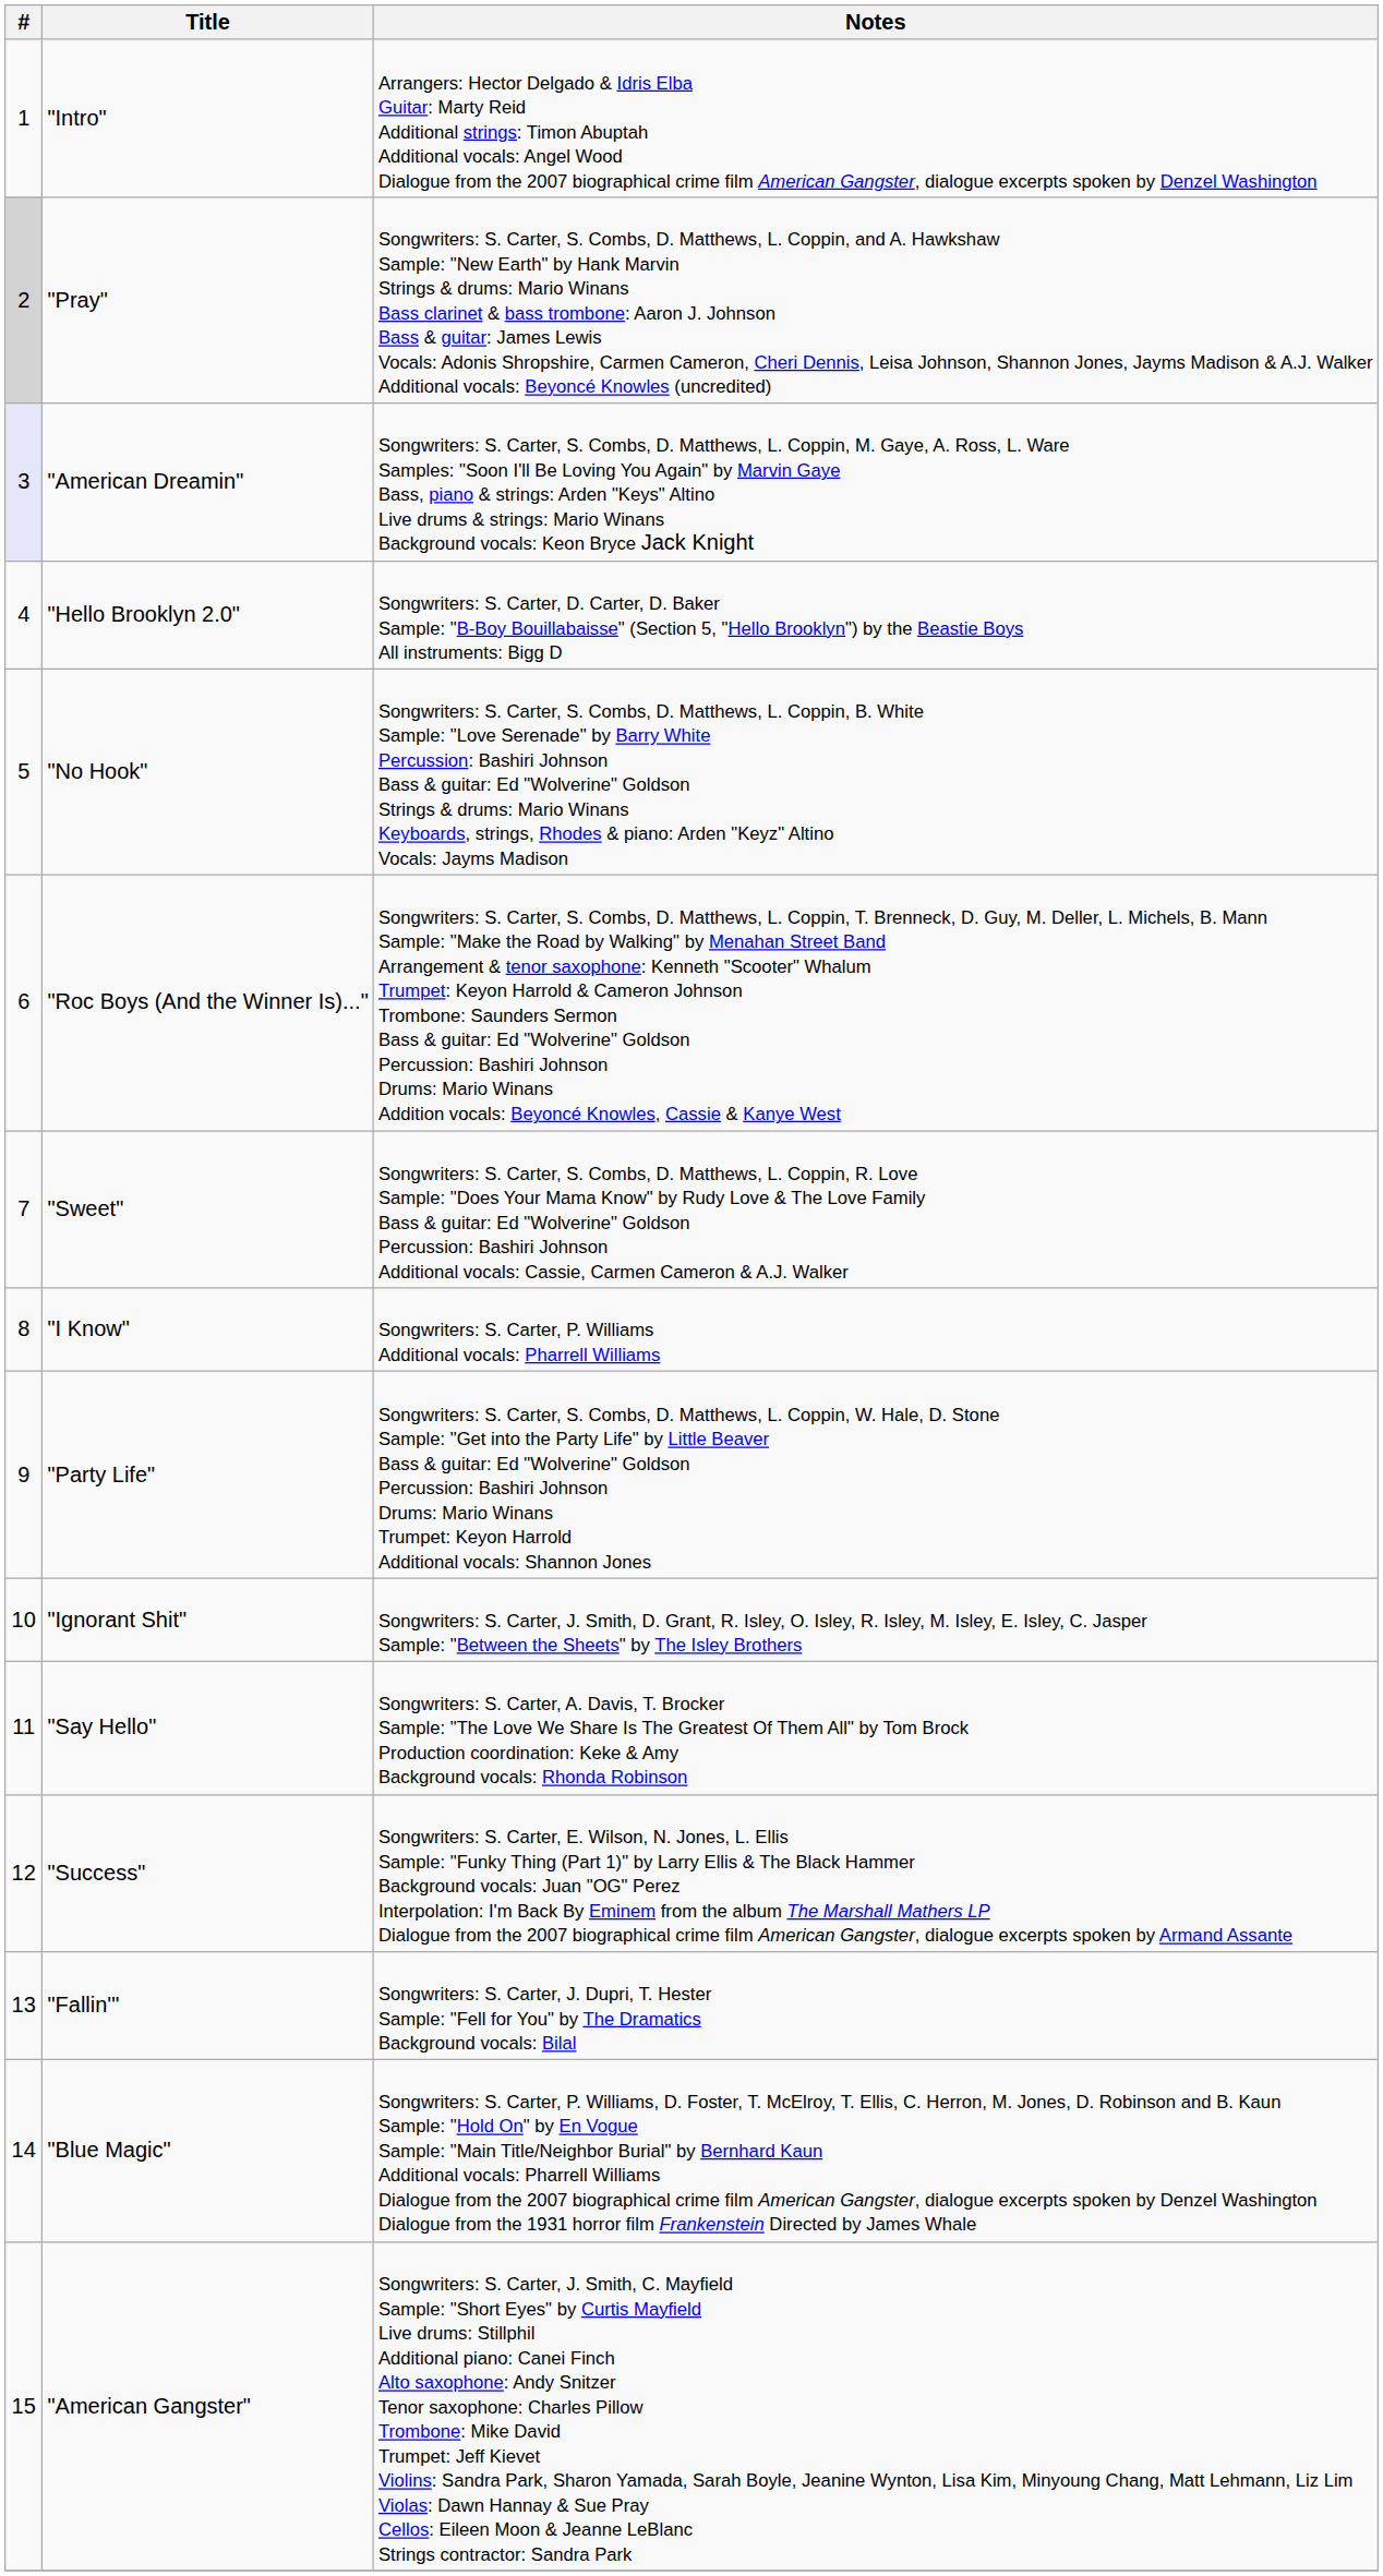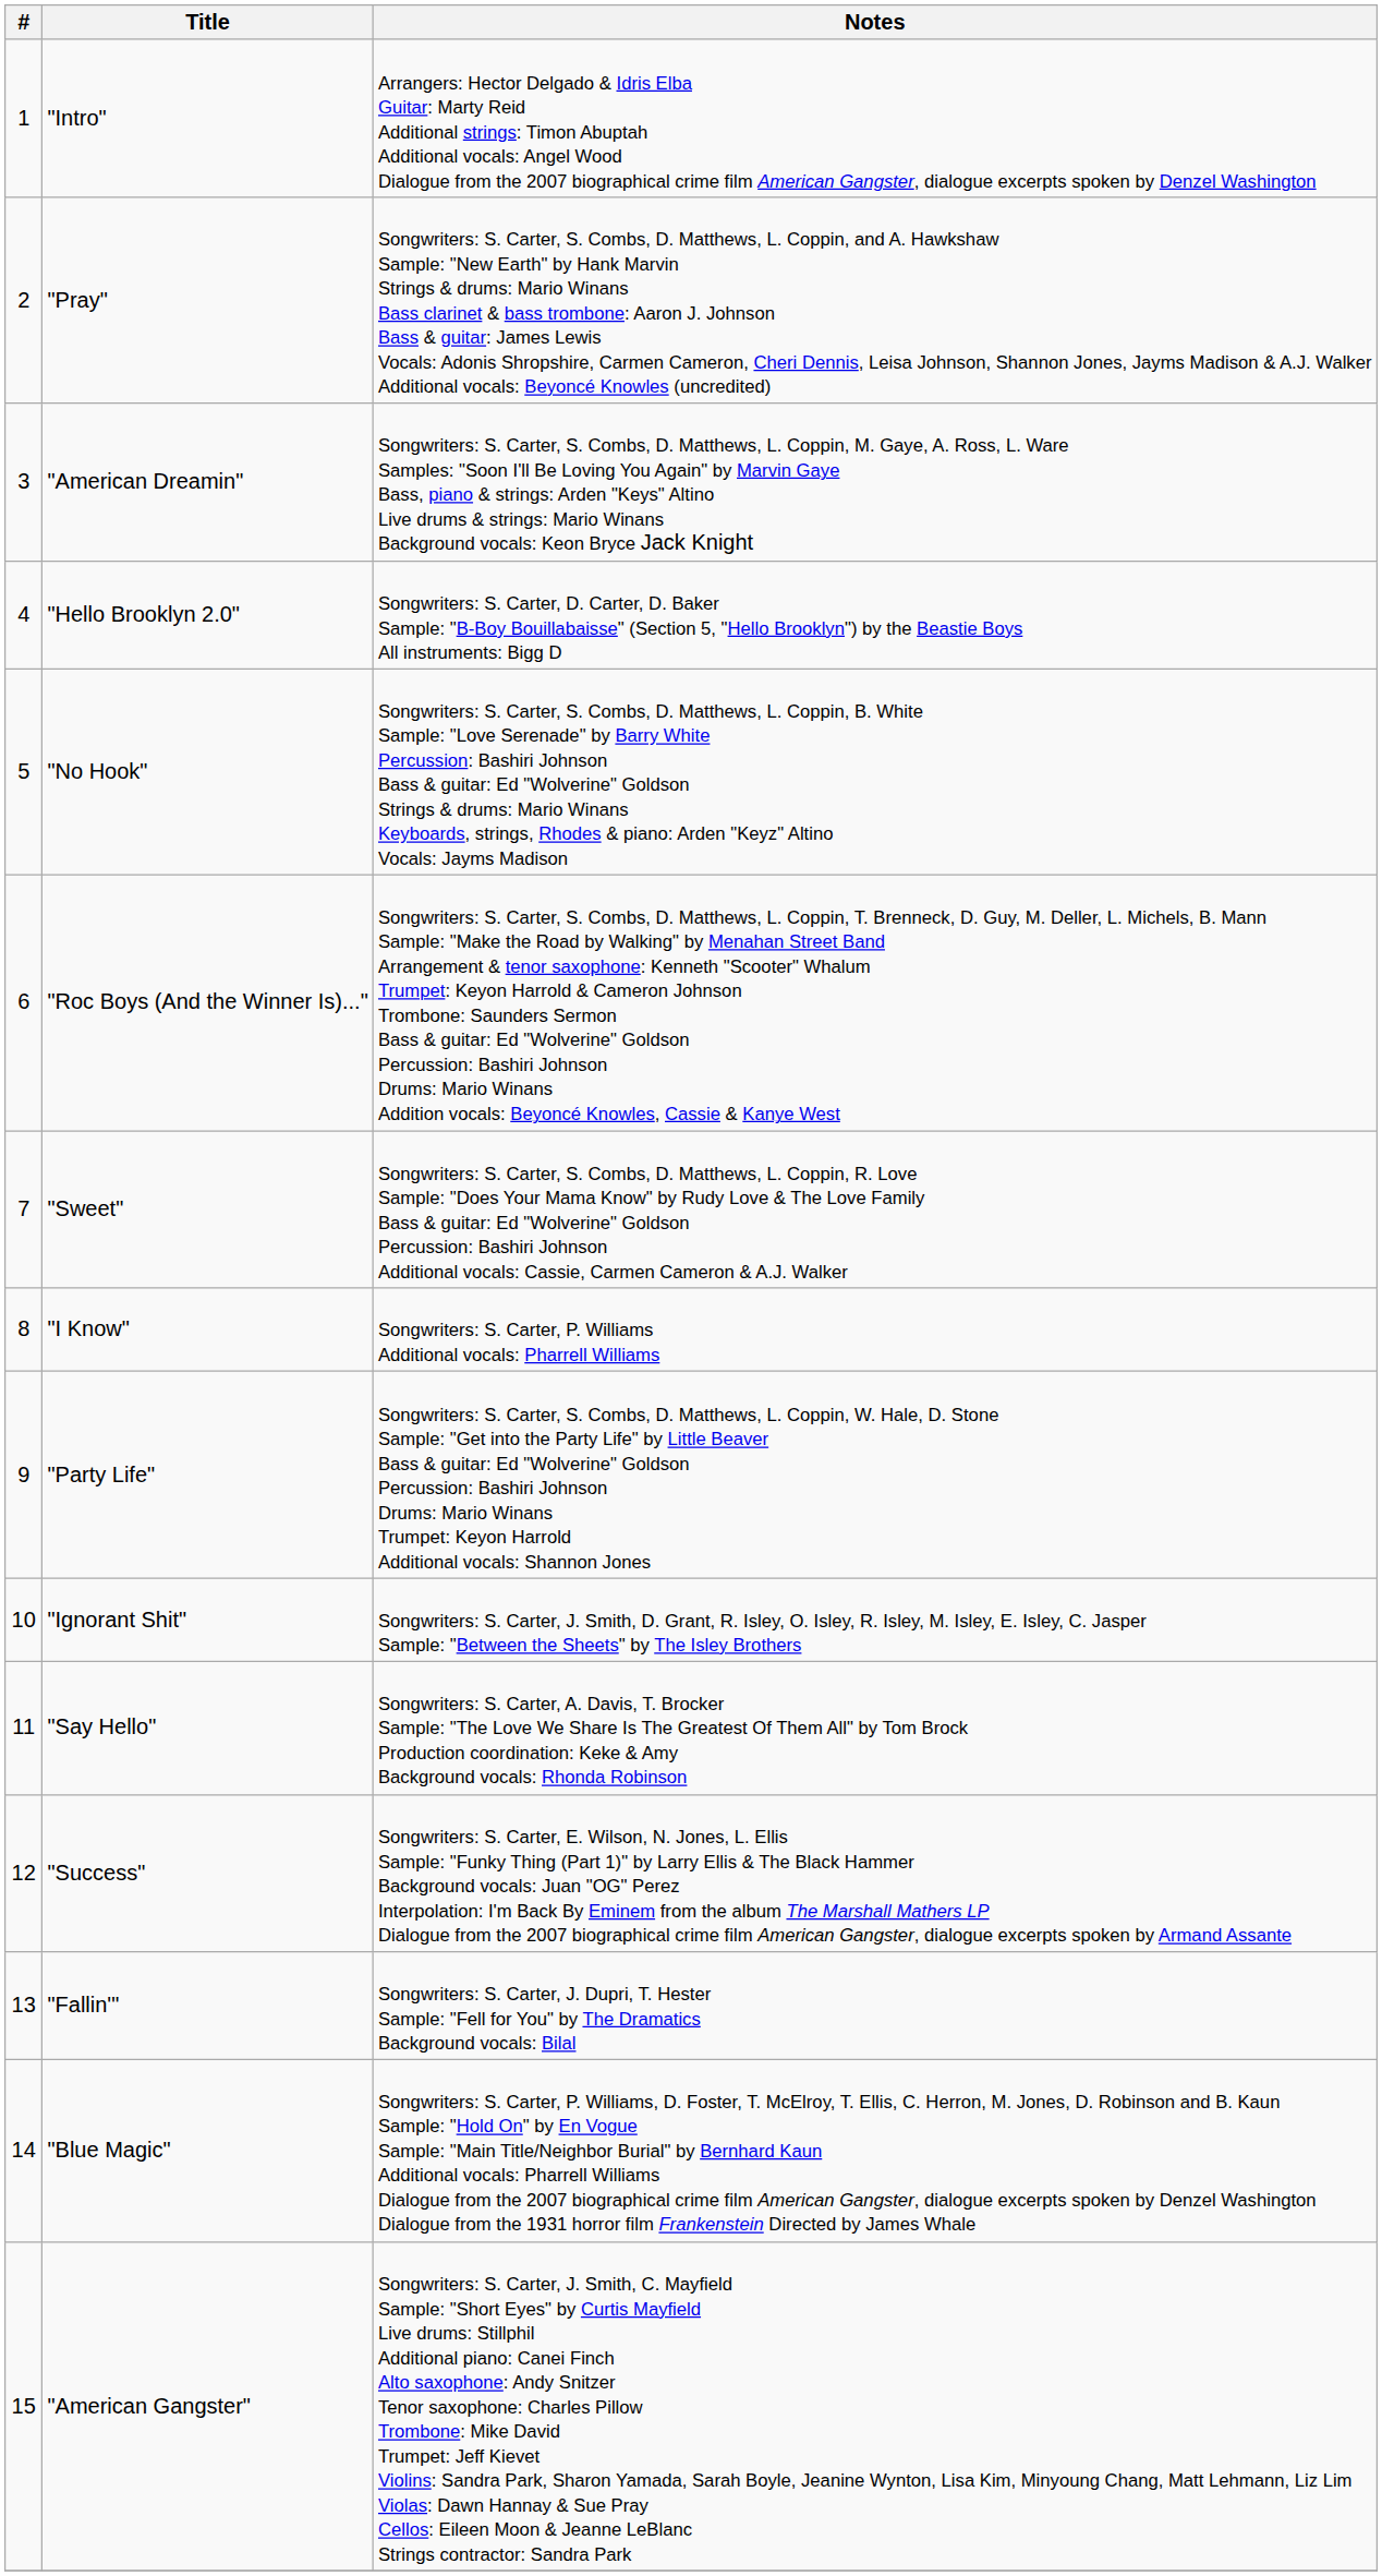 <table class="wikitable">
 <tr>
 <th width="20">#</th>
 <th>Title</th>
 <th>Notes</th>
 </tr>
 <tr>
 <td align="center">1</td>
 <td>"Intro"</td>
 <td><br><small>Arrangers: Hector Delgado & <a href='#'>Idris Elba</a><br><a href='#'>Guitar</a>: Marty Reid<br>Additional <a href='#'>strings</a>: Timon Abuptah<br>Additional vocals: Angel Wood<br>Dialogue from the 2007 biographical crime film <em><a href='#'>American Gangster</a></em>, dialogue excerpts spoken by <a href='#'>Denzel Washington</a></small></td>
 </tr>
 <tr>
-<td align="center" style="background: lightgrey;">2</td>
+<td align="center">2</td>
 <td>"Pray"</td>
 <td><br><small>Songwriters: S. Carter, S. Combs, D. Matthews, L. Coppin, and A. Hawkshaw<br>Sample: "New Earth" by Hank Marvin<br>Strings & drums: Mario Winans<br><a href='#'>Bass clarinet</a> & <a href='#'>bass trombone</a>: Aaron J. Johnson<br><a href='#'>Bass</a> & <a href='#'>guitar</a>: James Lewis<br>Vocals: Adonis Shropshire, Carmen Cameron, <a href='#'>Cheri Dennis</a>, Leisa Johnson, Shannon Jones, Jayms Madison & A.J. Walker<br>Additional vocals: <a href='#'>Beyoncé Knowles</a> (uncredited)</small></td>
 </tr>
 <tr>
-<td align="center" style="background: lavender;">3</td>
+<td align="center">3</td>
 <td>"American Dreamin"</td>
 <td><br><small>Songwriters: S. Carter, S. Combs, D. Matthews, L. Coppin, M. Gaye, A. Ross, L. Ware<br>Samples: "Soon I'll Be Loving You Again" by <a href='#'>Marvin Gaye</a><br>Bass, <a href='#'>piano</a> & strings: Arden "Keys" Altino<br>Live drums & strings: Mario Winans<br>Background vocals: Keon Bryce </small> Jack Knight</td>
 </tr>
 <tr>
 <td align="center">4</td>
 <td>"Hello Brooklyn 2.0"</td>
 <td><br><small>Songwriters: S. Carter, D. Carter, D. Baker<br>Sample: "<a href='#'>B-Boy Bouillabaisse</a>" (Section 5, "<a href='#'>Hello Brooklyn</a>") by the <a href='#'>Beastie Boys</a><br>All instruments: Bigg D</small></td>
 </tr>
 <tr>
 <td align="center">5</td>
 <td>"No Hook"</td>
 <td><br><small>Songwriters: S. Carter, S. Combs, D. Matthews, L. Coppin, B. White<br>Sample: "Love Serenade" by <a href='#'>Barry White</a><br><a href='#'>Percussion</a>: Bashiri Johnson<br>Bass & guitar: Ed "Wolverine" Goldson<br>Strings & drums: Mario Winans<br><a href='#'>Keyboards</a>, strings, <a href='#'>Rhodes</a> & piano: Arden "Keyz" Altino<br>Vocals: Jayms Madison</small></td>
 </tr>
 <tr>
 <td align="center">6</td>
 <td>"Roc Boys (And the Winner Is)..."</td>
 <td><br><small>Songwriters: S. Carter, S. Combs, D. Matthews, L. Coppin, T. Brenneck, D. Guy, M. Deller, L. Michels, B. Mann<br>Sample: "Make the Road by Walking" by <a href='#'>Menahan Street Band</a><br>Arrangement & <a href='#'>tenor saxophone</a>: Kenneth "Scooter" Whalum<br><a href='#'>Trumpet</a>: Keyon Harrold & Cameron Johnson<br>Trombone: Saunders Sermon<br>Bass & guitar: Ed "Wolverine" Goldson<br>Percussion: Bashiri Johnson<br>Drums: Mario Winans<br>Addition vocals: <a href='#'>Beyoncé Knowles</a>, <a href='#'>Cassie</a> & <a href='#'>Kanye West</a></small></td>
 </tr>
 <tr>
 <td align="center">7</td>
 <td>"Sweet"</td>
 <td><br><small>Songwriters: S. Carter, S. Combs, D. Matthews, L. Coppin, R. Love<br>Sample: "Does Your Mama Know" by Rudy Love & The Love Family<br>Bass & guitar: Ed "Wolverine" Goldson<br>Percussion: Bashiri Johnson<br>Additional vocals: Cassie, Carmen Cameron & A.J. Walker</small></td>
 </tr>
 <tr>
 <td align="center">8</td>
 <td>"I Know"</td>
 <td><br><small>Songwriters: S. Carter, P. Williams<br>Additional vocals: <a href='#'>Pharrell Williams</a></small></td>
 </tr>
 <tr>
 <td align="center">9</td>
 <td>"Party Life"</td>
 <td><br><small>Songwriters: S. Carter, S. Combs, D. Matthews, L. Coppin, W. Hale, D. Stone<br>Sample: "Get into the Party Life" by <a href='#'>Little Beaver</a><br>Bass & guitar: Ed "Wolverine" Goldson<br>Percussion: Bashiri Johnson<br>Drums: Mario Winans<br>Trumpet: Keyon Harrold<br>Additional vocals: Shannon Jones</small></td>
 </tr>
 <tr>
 <td align="center">10</td>
 <td>"Ignorant Shit"</td>
 <td><br><small>Songwriters: S. Carter, J. Smith, D. Grant, R. Isley, O. Isley, R. Isley, M. Isley, E. Isley, C. Jasper<br>Sample: "<a href='#'>Between the Sheets</a>" by <a href='#'>The Isley Brothers</a></small></td>
 </tr>
 <tr>
 <td align="center">11</td>
 <td>"Say Hello"</td>
 <td><br><small>Songwriters: S. Carter, A. Davis, T. Brocker<br>Sample: "The Love We Share Is The Greatest Of Them All" by Tom Brock<br>Production coordination: Keke & Amy<br>Background vocals: <a href='#'>Rhonda Robinson</a></small></td>
 </tr>
 <tr>
 <td align="center">12</td>
 <td>"Success"</td>
 <td><br><small>Songwriters: S. Carter, E. Wilson, N. Jones, L. Ellis<br>Sample: "Funky Thing (Part 1)" by Larry Ellis & The Black Hammer<br>Background vocals: Juan "OG" Perez<br>Interpolation: I'm Back By <a href='#'>Eminem</a> from the album <em><a href='#'>The Marshall Mathers LP</a></em><br>Dialogue from the 2007 biographical crime film <em>American Gangster</em>, dialogue excerpts spoken by <a href='#'>Armand Assante</a></small></td>
 </tr>
 <tr>
 <td align="center">13</td>
 <td>"Fallin'"</td>
 <td><br><small>Songwriters: S. Carter, J. Dupri, T. Hester<br>Sample: "Fell for You" by <a href='#'>The Dramatics</a><br>Background vocals: <a href='#'>Bilal</a></small></td>
 </tr>
 <tr>
 <td align="center">14</td>
 <td>"Blue Magic"</td>
 <td><br><small>Songwriters: S. Carter, P. Williams, D. Foster, T. McElroy, T. Ellis, C. Herron, M. Jones, D. Robinson and B. Kaun<br>Sample: "<a href='#'>Hold On</a>" by <a href='#'>En Vogue</a><br>Sample: "Main Title/Neighbor Burial" by <a href='#'>Bernhard Kaun</a><br>Additional vocals: Pharrell Williams<br>Dialogue from the 2007 biographical crime film <em>American Gangster</em>, dialogue excerpts spoken by Denzel Washington<br>Dialogue from the 1931 horror film <em><a href='#'>Frankenstein</a></em> Directed by James Whale</small></td>
 </tr>
 <tr>
 <td align="center">15</td>
 <td>"American Gangster"</td>
 <td><br><small>Songwriters: S. Carter, J. Smith, C. Mayfield<br>Sample: "Short Eyes" by <a href='#'>Curtis Mayfield</a><br>Live drums: Stillphil<br>Additional piano: Canei Finch<br><a href='#'>Alto saxophone</a>: Andy Snitzer<br>Tenor saxophone: Charles Pillow<br><a href='#'>Trombone</a>: Mike David<br>Trumpet: Jeff Kievet<br><a href='#'>Violins</a>: Sandra Park, Sharon Yamada, Sarah Boyle, Jeanine Wynton, Lisa Kim, Minyoung Chang, Matt Lehmann, Liz Lim<br><a href='#'>Violas</a>: Dawn Hannay & Sue Pray<br><a href='#'>Cellos</a>: Eileen Moon & Jeanne LeBlanc<br>Strings contractor: Sandra Park</small></td>
 </tr>
 <tr>
 </tr>
 </table>
